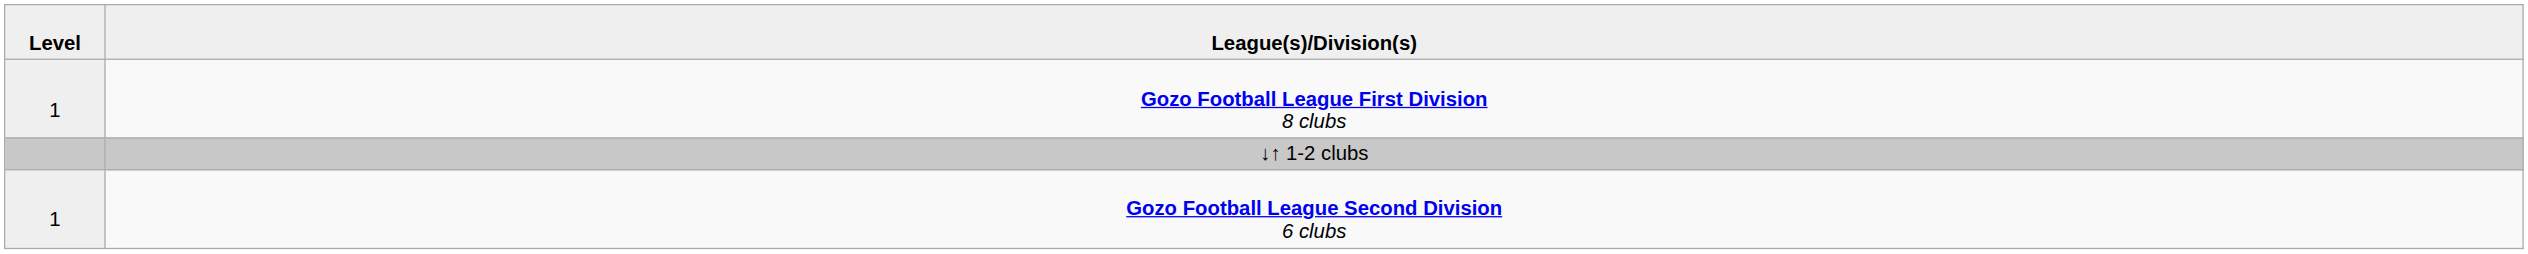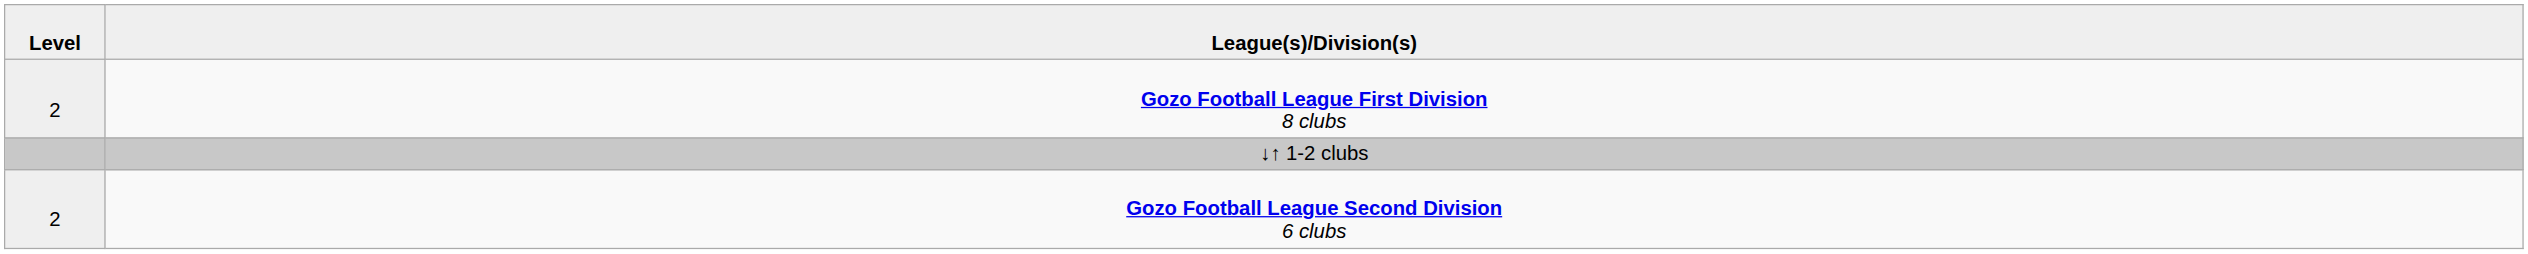 <table class="wikitable" style="text-align:center; width:100%;">
 <tr style="background:#efefef;">
 <td style="width:4%; text-align:center;"><br><strong>Level</strong></td>
 <td colspan="12"  style="width:96%; text-align:center;"><br><strong>League(s)/Division(s)</strong></td>
 </tr>
 <tr>
-<td style="text-align:center; width:4%; background:#efefef;"><br>1</td>
+<td style="text-align:center; width:4%; background:#efefef;"><br>2</td>
 <td colspan="12"  style="width:96%; text-align:center;"><br><strong><a href='#'>Gozo Football League First Division</a></strong><br> <em>8 clubs</em><br></td>
 </tr>
 <tr style="background:#c8c8c8">
 <td style="width:4%;"></td>
 <td colspan="9" style="width:96%;">↓↑ 1-2 clubs</td>
 </tr>
 <tr>
-<td style="text-align:center; width:4%; background:#efefef;"><br>1</td>
+<td style="text-align:center; width:4%; background:#efefef;"><br>2</td>
 <td colspan="12"  style="width:96%; text-align:center;"><br><strong><a href='#'>Gozo Football League Second Division</a></strong><br> <em>6 clubs</em><br></td>
 </tr>
 </table>
